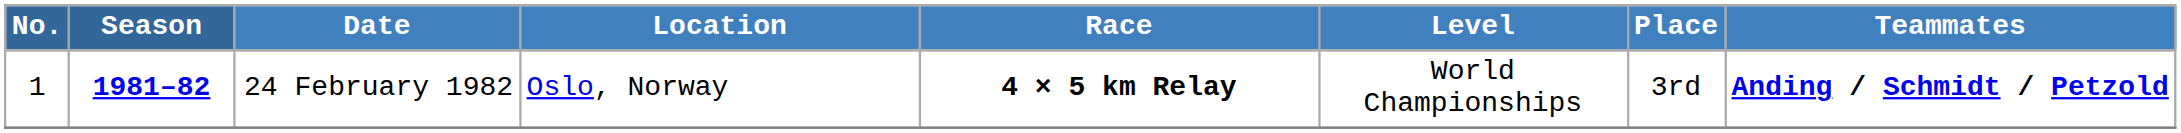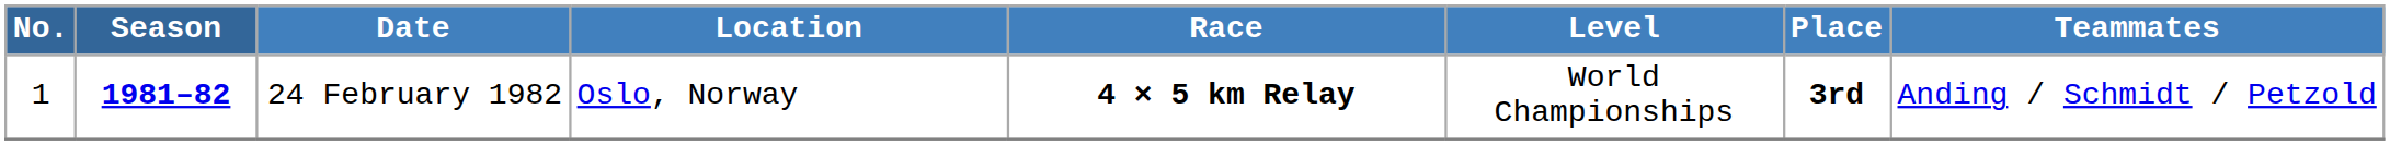 <table class="wikitable sortable" style="font-size:95%; text-align:center; border:grey solid 1px; border-collapse:collapse; background:#ffffff;">
 <tr style="background:#efefef;">
 <th style="background-color:#369; color:white;">No.</th>
 <th style="background-color:#369; color:white;">Season</th>
 <th style="background-color:#4180be; color:white; width:120px;">Date</th>
 <th style="background-color:#4180be; color:white; width:170px;">Location</th>
 <th style="background-color:#4180be; color:white; width:170px;">Race</th>
 <th style="background-color:#4180be; color:white; width:130px;">Level</th>
 <th style="background-color:#4180be; color:white;">Place</th>
 <th style="background-color:#4180be; color:white;">Teammates</th>
 </tr>
 <tr>
 <td align=center>1</td>
 <td rowspan=1 align=center><strong> <a href='#'>1981–82</a> </strong></td>
 <td align=right>24 February 1982</td>
 <td align=left> <a href='#'>Oslo</a>, Norway</td>
 <td><strong>4 × 5 km Relay</strong></td>
 <td>World Championships</td>
-<td>3rd</td>
-<td><strong><a href='#'>Anding</a> / <a href='#'>Schmidt</a> / <a href='#'>Petzold</a></strong></td>
+<td><strong>3rd</strong></td>
+<td><a href='#'>Anding</a> / <a href='#'>Schmidt</a> / <a href='#'>Petzold</a></td>
 </tr>
 <tr>
 </tr>
 </table>
